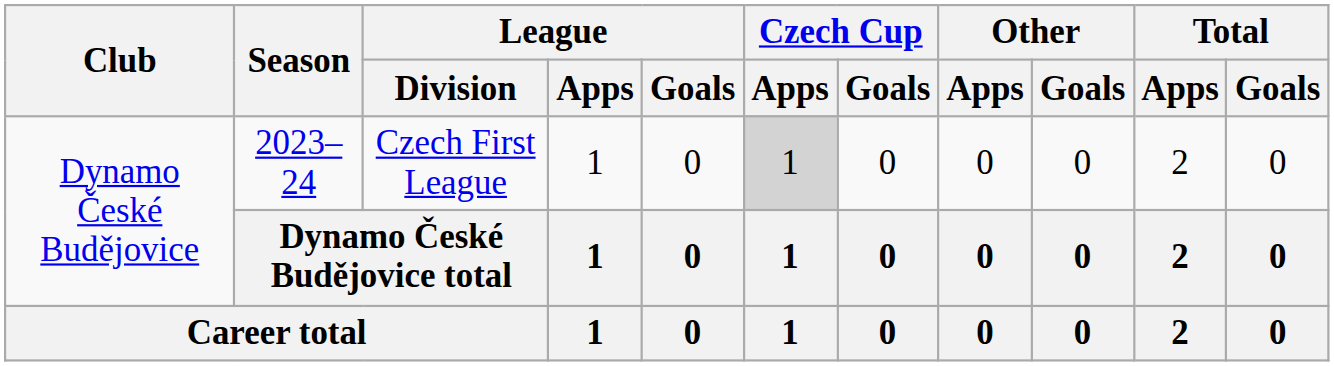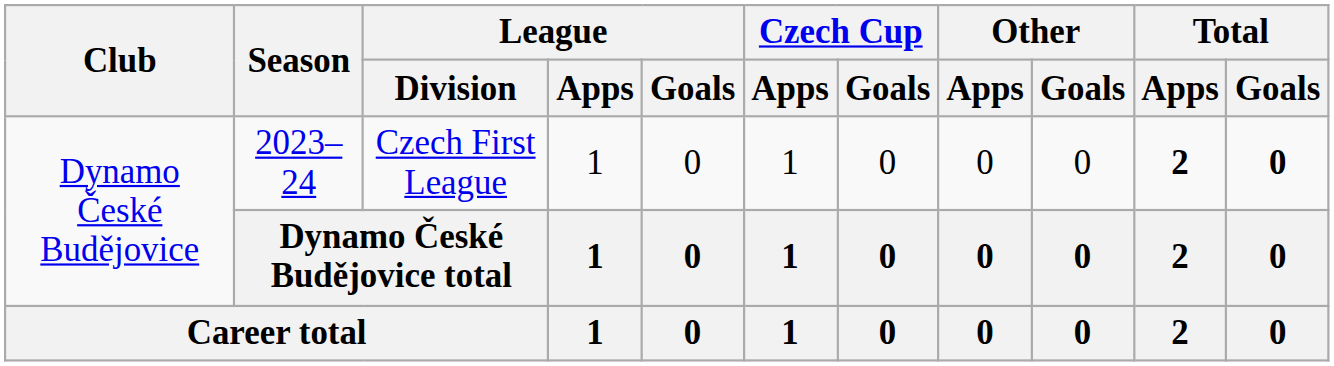 <table class="wikitable" style="text-align: center">
 <tr>
 <th rowspan="2">Club</th>
 <th rowspan="2">Season</th>
 <th colspan="3">League</th>
 <th colspan="2"><a href='#'>Czech Cup</a></th>
 <th colspan="2">Other</th>
 <th colspan="2">Total</th>
 </tr>
 <tr>
 <th>Division</th>
 <th>Apps</th>
 <th>Goals</th>
 <th>Apps</th>
 <th>Goals</th>
 <th>Apps</th>
 <th>Goals</th>
 <th>Apps</th>
 <th>Goals</th>
 </tr>
 <tr>
 <td rowspan="2"><a href='#'>Dynamo České Budějovice</a></td>
 <td><a href='#'>2023–24</a></td>
 <td><a href='#'>Czech First League</a></td>
 <td>1</td>
 <td>0</td>
-<td style="background: lightgrey;">1</td>
+<td>1</td>
 <td>0</td>
 <td>0</td>
 <td>0</td>
-<td>2</td>
-<td>0</td>
+<td><strong>2</strong></td>
+<td><strong>0</strong></td>
 </tr>
 <tr>
 <th colspan="2">Dynamo České Budějovice total</th>
 <th>1</th>
 <th>0</th>
 <th>1</th>
 <th>0</th>
 <th>0</th>
 <th>0</th>
 <th>2</th>
 <th>0</th>
 </tr>
 <tr>
 <th colspan="3">Career total</th>
 <th>1</th>
 <th>0</th>
 <th>1</th>
 <th>0</th>
 <th>0</th>
 <th>0</th>
 <th>2</th>
 <th>0</th>
 </tr>
 </table>
